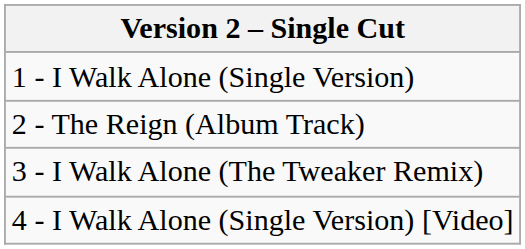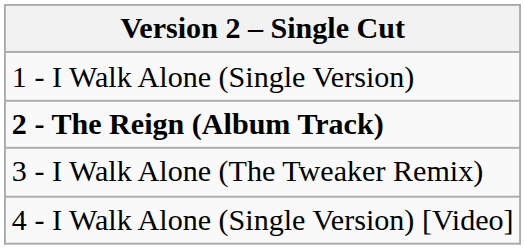 <table class="wikitable">
 <tr>
 <th>Version 2 – Single Cut</th>
 </tr>
 <tr>
 <td>1 - I Walk Alone (Single Version)</td>
 </tr>
 <tr>
-<td>2 - The Reign (Album Track)</td>
+<td><strong>2 - The Reign (Album Track)</strong></td>
 </tr>
 <tr>
 <td>3 - I Walk Alone (The Tweaker Remix)</td>
 </tr>
 <tr>
 <td>4 - I Walk Alone (Single Version) [Video]</td>
 </tr>
 </table>
